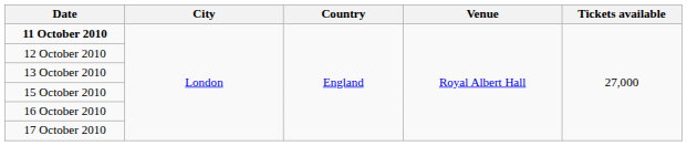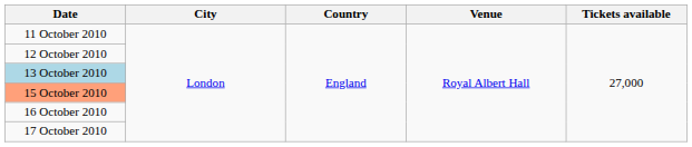 <table class="wikitable" style="text-align:center;">
 <tr>
 <th width="150">Date</th>
 <th width="200">City</th>
 <th width="150">Country</th>
 <th width="200">Venue</th>
 <th width="150">Tickets available</th>
 </tr>
 <tr>
-<td><strong>11 October 2010</strong></td>
+<td>11 October 2010</td>
 <td rowspan="6"><a href='#'>London</a></td>
 <td rowspan="6"><a href='#'>England</a></td>
 <td rowspan="6"><a href='#'>Royal Albert Hall</a></td>
 <td rowspan="6">27,000</td>
 </tr>
 <tr>
 <td>12 October 2010</td>
 </tr>
 <tr>
-<td>13 October 2010</td>
+<td style="background: lightblue;">13 October 2010</td>
 </tr>
 <tr>
-<td>15 October 2010</td>
+<td style="background: lightsalmon;">15 October 2010</td>
 </tr>
 <tr>
 <td>16 October 2010</td>
 </tr>
 <tr>
 <td>17 October 2010</td>
 </tr>
 </table>
